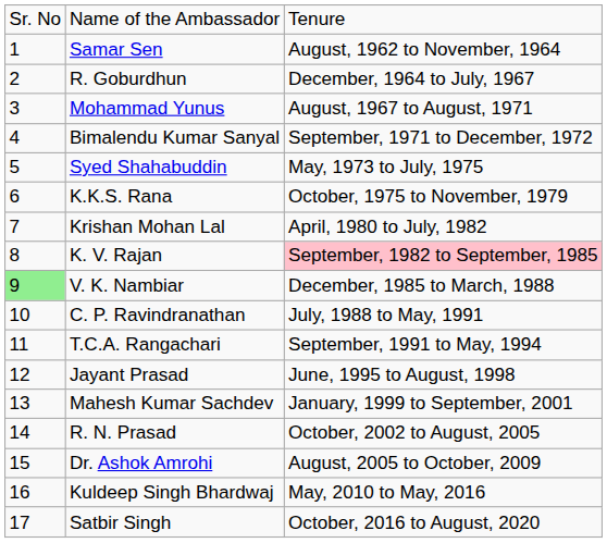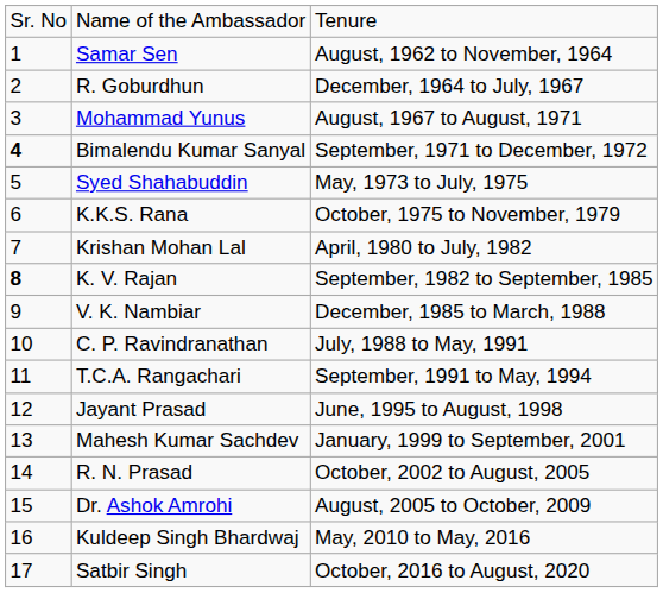 <table class="wikitable">
 <tr>
 <td>Sr. No</td>
 <td>Name of the Ambassador</td>
 <td>Tenure</td>
 </tr>
 <tr>
 <td>1</td>
 <td><a href='#'>Samar Sen</a></td>
 <td>August, 1962 to November, 1964</td>
 </tr>
 <tr>
 <td>2</td>
 <td>R. Goburdhun</td>
 <td>December, 1964 to July, 1967</td>
 </tr>
 <tr>
 <td>3</td>
 <td><a href='#'> Mohammad Yunus</a></td>
 <td>August, 1967 to August, 1971</td>
 </tr>
 <tr>
-<td>4</td>
+<td><strong>4</strong></td>
 <td>Bimalendu Kumar Sanyal</td>
 <td>September, 1971 to December, 1972</td>
 </tr>
 <tr>
 <td>5</td>
 <td><a href='#'>Syed Shahabuddin</a></td>
 <td>May, 1973 to July, 1975</td>
 </tr>
 <tr>
 <td>6</td>
 <td>K.K.S. Rana</td>
 <td>October, 1975 to November, 1979</td>
 </tr>
 <tr>
 <td>7</td>
 <td>Krishan Mohan Lal</td>
 <td>April, 1980 to July, 1982</td>
 </tr>
 <tr>
-<td>8</td>
+<td><strong>8</strong></td>
 <td>K. V. Rajan</td>
-<td style="background: pink;">September, 1982 to September, 1985</td>
+<td>September, 1982 to September, 1985</td>
 </tr>
 <tr>
-<td style="background: lightgreen;">9</td>
+<td>9</td>
 <td>V. K. Nambiar</td>
 <td>December, 1985 to March, 1988</td>
 </tr>
 <tr>
 <td>10</td>
 <td>C. P. Ravindranathan</td>
 <td>July, 1988 to May, 1991</td>
 </tr>
 <tr>
 <td>11</td>
 <td>T.C.A. Rangachari</td>
 <td>September, 1991 to May, 1994</td>
 </tr>
 <tr>
 <td>12</td>
 <td>Jayant Prasad</td>
 <td>June, 1995 to August, 1998</td>
 </tr>
 <tr>
 <td>13</td>
 <td>Mahesh Kumar Sachdev</td>
 <td>January, 1999 to September, 2001</td>
 </tr>
 <tr>
 <td>14</td>
 <td>R. N. Prasad</td>
 <td>October, 2002 to August, 2005</td>
 </tr>
 <tr>
 <td>15</td>
 <td>Dr. <a href='#'>Ashok Amrohi</a></td>
 <td>August, 2005 to October, 2009</td>
 </tr>
 <tr>
 <td>16</td>
 <td>Kuldeep Singh Bhardwaj</td>
 <td>May, 2010 to May, 2016</td>
 </tr>
 <tr>
 <td>17</td>
 <td>Satbir Singh</td>
 <td>October, 2016 to August, 2020</td>
 </tr>
 </table>
